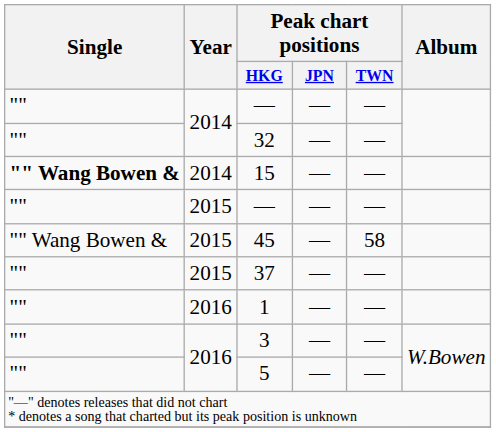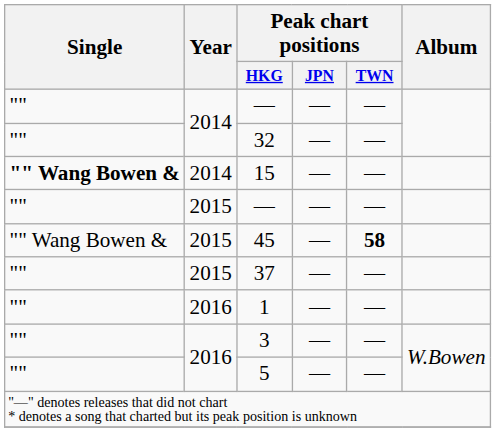 <table class="wikitable">
 <tr>
 <th rowspan="2" align="center">Single</th>
 <th rowspan="2" align="center">Year</th>
 <th colspan="3" align="center">Peak chart positions</th>
 <th rowspan="2" align="center">Album</th>
 </tr>
 <tr>
 <th style="width:3em;font-size:75%;"><a href='#'>HKG</a><br></th>
 <th style="width:3em;font-size:75%;"><a href='#'>JPN</a><br></th>
 <th style="width:3em;font-size:75%;"><a href='#'>TWN</a><br></th>
 </tr>
 <tr>
 <td>""</td>
 <td rowspan="2" align="center">2014</td>
 <td align="center">—</td>
 <td align="center">—</td>
 <td align="center">—</td>
 <td rowspan="2"></td>
 </tr>
 <tr>
 <td>""</td>
 <td align="center">32</td>
 <td align="center">—</td>
 <td align="center">—</td>
 </tr>
 <tr>
 <td><strong>"" Wang Bowen & </strong></td>
 <td rowspan="1" align="center">2014</td>
 <td align="center">15</td>
 <td align="center">—</td>
 <td align="center">—</td>
 <td rowspan="1"></td>
 </tr>
 <tr>
 <td>""</td>
 <td rowspan="1" align="center">2015</td>
 <td align="center">—</td>
 <td align="center">—</td>
 <td align="center">—</td>
 <td rowspan="1"></td>
 </tr>
 <tr>
 <td>"" Wang Bowen & </td>
 <td rowspan="1" align="center">2015</td>
 <td align="center">45</td>
 <td align="center">—</td>
-<td align="center">58</td>
+<td align="center"><strong>58</strong></td>
 <td rowspan="1"></td>
 </tr>
 <tr>
 <td>""</td>
 <td rowspan="1" align="center">2015</td>
 <td align="center">37</td>
 <td align="center">—</td>
 <td align="center">—</td>
 <td rowspan="1"></td>
 </tr>
 <tr>
 <td>""</td>
 <td rowspan="1" align="center">2016</td>
 <td align="center">1</td>
 <td align="center">—</td>
 <td align="center">—</td>
 <td rowspan="1"></td>
 </tr>
 <tr>
 <td>""</td>
 <td rowspan="2" align="center">2016</td>
 <td align="center">3</td>
 <td align="center">—</td>
 <td align="center">—</td>
 <td rowspan="2"><em>W.Bowen</em></td>
 </tr>
 <tr>
 <td>""</td>
 <td align="center">5</td>
 <td align="center">—</td>
 <td align="center">—</td>
 </tr>
 <tr>
 <td colspan="8" style="font-size:8pt">"—" denotes releases that did not chart<br>* denotes a song that charted but its peak position is unknown</td>
 </tr>
 <tr>
 </tr>
 </table>
